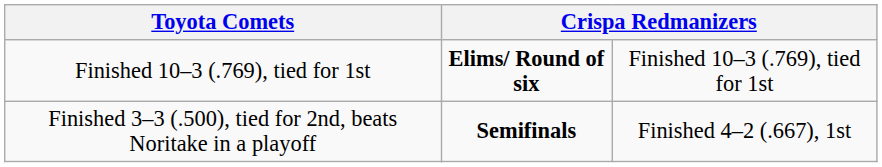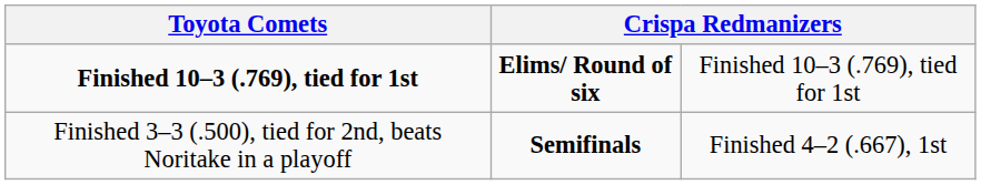 <table class=wikitable width=100%>
 <tr align=center>
 <th colspan=2 width=45%><a href='#'>Toyota Comets</a></th>
 <th colspan=2 width=45%><a href='#'>Crispa Redmanizers</a></th>
 </tr>
 <tr align=center>
-<td>Finished 10–3 (.769), tied for 1st</td>
+<td><strong>Finished 10–3 (.769), tied for 1st</strong></td>
 <td colspan=2><strong>Elims/ Round of six</strong></td>
 <td>Finished 10–3 (.769), tied for 1st</td>
 </tr>
 <tr align=center>
 <td>Finished 3–3 (.500), tied for 2nd, beats Noritake in a playoff</td>
 <td colspan=2><strong>Semifinals</strong></td>
 <td>Finished 4–2 (.667), 1st</td>
 </tr>
 </table>
